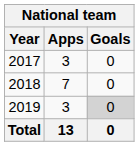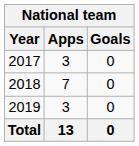 <table class="wikitable" style="text-align:center">
 <tr>
 <th colspan=3>National team</th>
 </tr>
 <tr>
 <th>Year</th>
 <th>Apps</th>
 <th>Goals</th>
 </tr>
 <tr>
 <td>2017</td>
 <td>3</td>
 <td>0</td>
 </tr>
 <tr>
 <td>2018</td>
 <td>7</td>
 <td>0</td>
 </tr>
 <tr>
 <td>2019</td>
 <td>3</td>
-<td style="background: lightgrey;">0</td>
+<td>0</td>
 </tr>
 <tr>
 <th>Total</th>
 <th>13</th>
 <th>0</th>
 </tr>
 </table>
